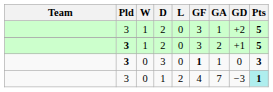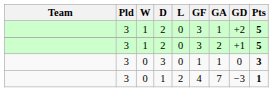 <table class="wikitable" style="text-align:center;">
 <tr>
 <th width=165>Team</th>
 <th width=20>Pld</th>
 <th width=20>W</th>
 <th width=20>D</th>
 <th width=20>L</th>
 <th width=20>GF</th>
 <th width=20>GA</th>
 <th width=20>GD</th>
 <th width=20>Pts</th>
 </tr>
 <tr style="background:#ccffcc;">
 <td style="text-align:left;"></td>
 <td>3</td>
 <td>1</td>
 <td>2</td>
 <td>0</td>
 <td>3</td>
 <td>1</td>
 <td>+2</td>
 <td><strong>5</strong></td>
 </tr>
 <tr>
 </tr>
 <tr style="background:#ccffcc;">
 <td style="text-align:left;"></td>
-<td><strong>3</strong></td>
+<td>3</td>
 <td>1</td>
 <td>2</td>
 <td>0</td>
 <td>3</td>
 <td>2</td>
 <td>+1</td>
 <td><strong>5</strong></td>
 </tr>
 <tr>
 <td style="text-align:left;"></td>
-<td><strong>3</strong></td>
+<td>3</td>
 <td>0</td>
 <td>3</td>
 <td>0</td>
-<td><strong>1</strong></td>
+<td>1</td>
 <td>1</td>
 <td>0</td>
 <td><strong>3</strong></td>
 </tr>
 <tr>
 <td style="text-align:left;"></td>
 <td>3</td>
 <td>0</td>
 <td>1</td>
 <td>2</td>
 <td>4</td>
 <td>7</td>
 <td>−3</td>
-<td style="background: paleturquoise;"><strong>1</strong></td>
+<td><strong>1</strong></td>
 </tr>
 </table>
